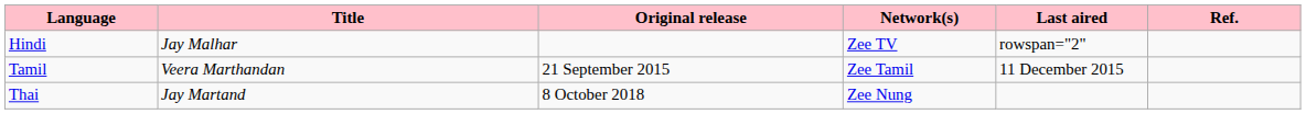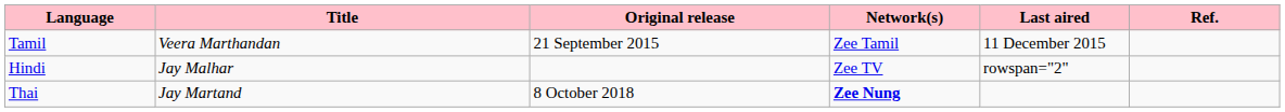 <table class="wikitable" style="width: 100%; margin-right: 0;">
 <tr>
 <th style="background:Pink; width:10%;">Language</th>
 <th style="background:Pink; width:25%;">Title</th>
 <th style="background:Pink; width:20%;">Original release</th>
 <th style="background:Pink; width:10%;">Network(s)</th>
 <th style="background:Pink; width:10%;">Last aired</th>
 <th style="background:Pink; width:10%;">Ref.</th>
 </tr>
 <tr>
+<td><a href='#'>Tamil</a></td>
+<td><em>Veera Marthandan</em></td>
+<td>21 September 2015</td>
+<td><a href='#'>Zee Tamil</a></td>
+<td>11 December 2015</td>
+<td></td>
+</tr>
+<tr>
 <td><a href='#'>Hindi</a></td>
 <td><em>Jay Malhar</em></td>
 <td></td>
 <td><a href='#'>Zee TV</a></td>
 <td>rowspan="2" </td>
 <td></td>
 </tr>
 <tr>
-<td><a href='#'>Tamil</a></td>
-<td><em>Veera Marthandan</em></td>
-<td>21 September 2015</td>
-<td><a href='#'>Zee Tamil</a></td>
-<td>11 December 2015</td>
-<td></td>
-</tr>
-<tr>
 <td><a href='#'>Thai</a></td>
 <td><em>Jay Martand</em></td>
 <td>8 October 2018</td>
-<td><a href='#'>Zee Nung</a></td>
+<td><strong><a href='#'>Zee Nung</a></strong></td>
 <td></td>
 </tr>
 </table>
